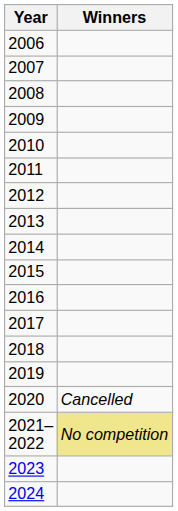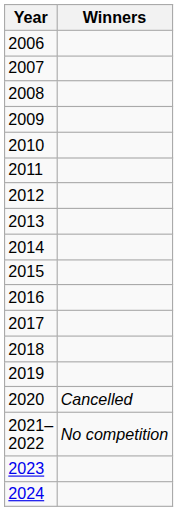 <table class=wikitable style="font-size:90%; text-align:left">
 <tr>
 <th>Year</th>
 <th>Winners</th>
 </tr>
 <tr>
 <td>2006</td>
 <td></td>
 </tr>
 <tr>
 <td>2007</td>
 <td></td>
 </tr>
 <tr>
 <td>2008</td>
 <td></td>
 </tr>
 <tr>
 <td>2009</td>
 <td></td>
 </tr>
 <tr>
 <td>2010</td>
 <td></td>
 </tr>
 <tr>
 <td>2011</td>
 <td></td>
 </tr>
 <tr>
 <td>2012</td>
 <td></td>
 </tr>
 <tr>
 <td>2013</td>
 <td></td>
 </tr>
 <tr>
 <td>2014</td>
 <td></td>
 </tr>
 <tr>
 <td>2015</td>
 <td></td>
 </tr>
 <tr>
 <td>2016</td>
 <td></td>
 </tr>
 <tr>
 <td>2017</td>
 <td></td>
 </tr>
 <tr>
 <td>2018</td>
 <td></td>
 </tr>
 <tr>
 <td>2019</td>
 <td></td>
 </tr>
 <tr>
 <td>2020</td>
 <td colspan="2" align="left"><em>Cancelled</em></td>
 </tr>
 <tr>
 <td>2021–<br>2022</td>
-<td align="left" style="background: khaki;"><em>No competition</em></td>
+<td align="left"><em>No competition</em></td>
 </tr>
 <tr>
 <td><a href='#'>2023</a></td>
 <td></td>
 </tr>
 <tr>
 <td><a href='#'>2024</a></td>
 <td></td>
 </tr>
 </table>
